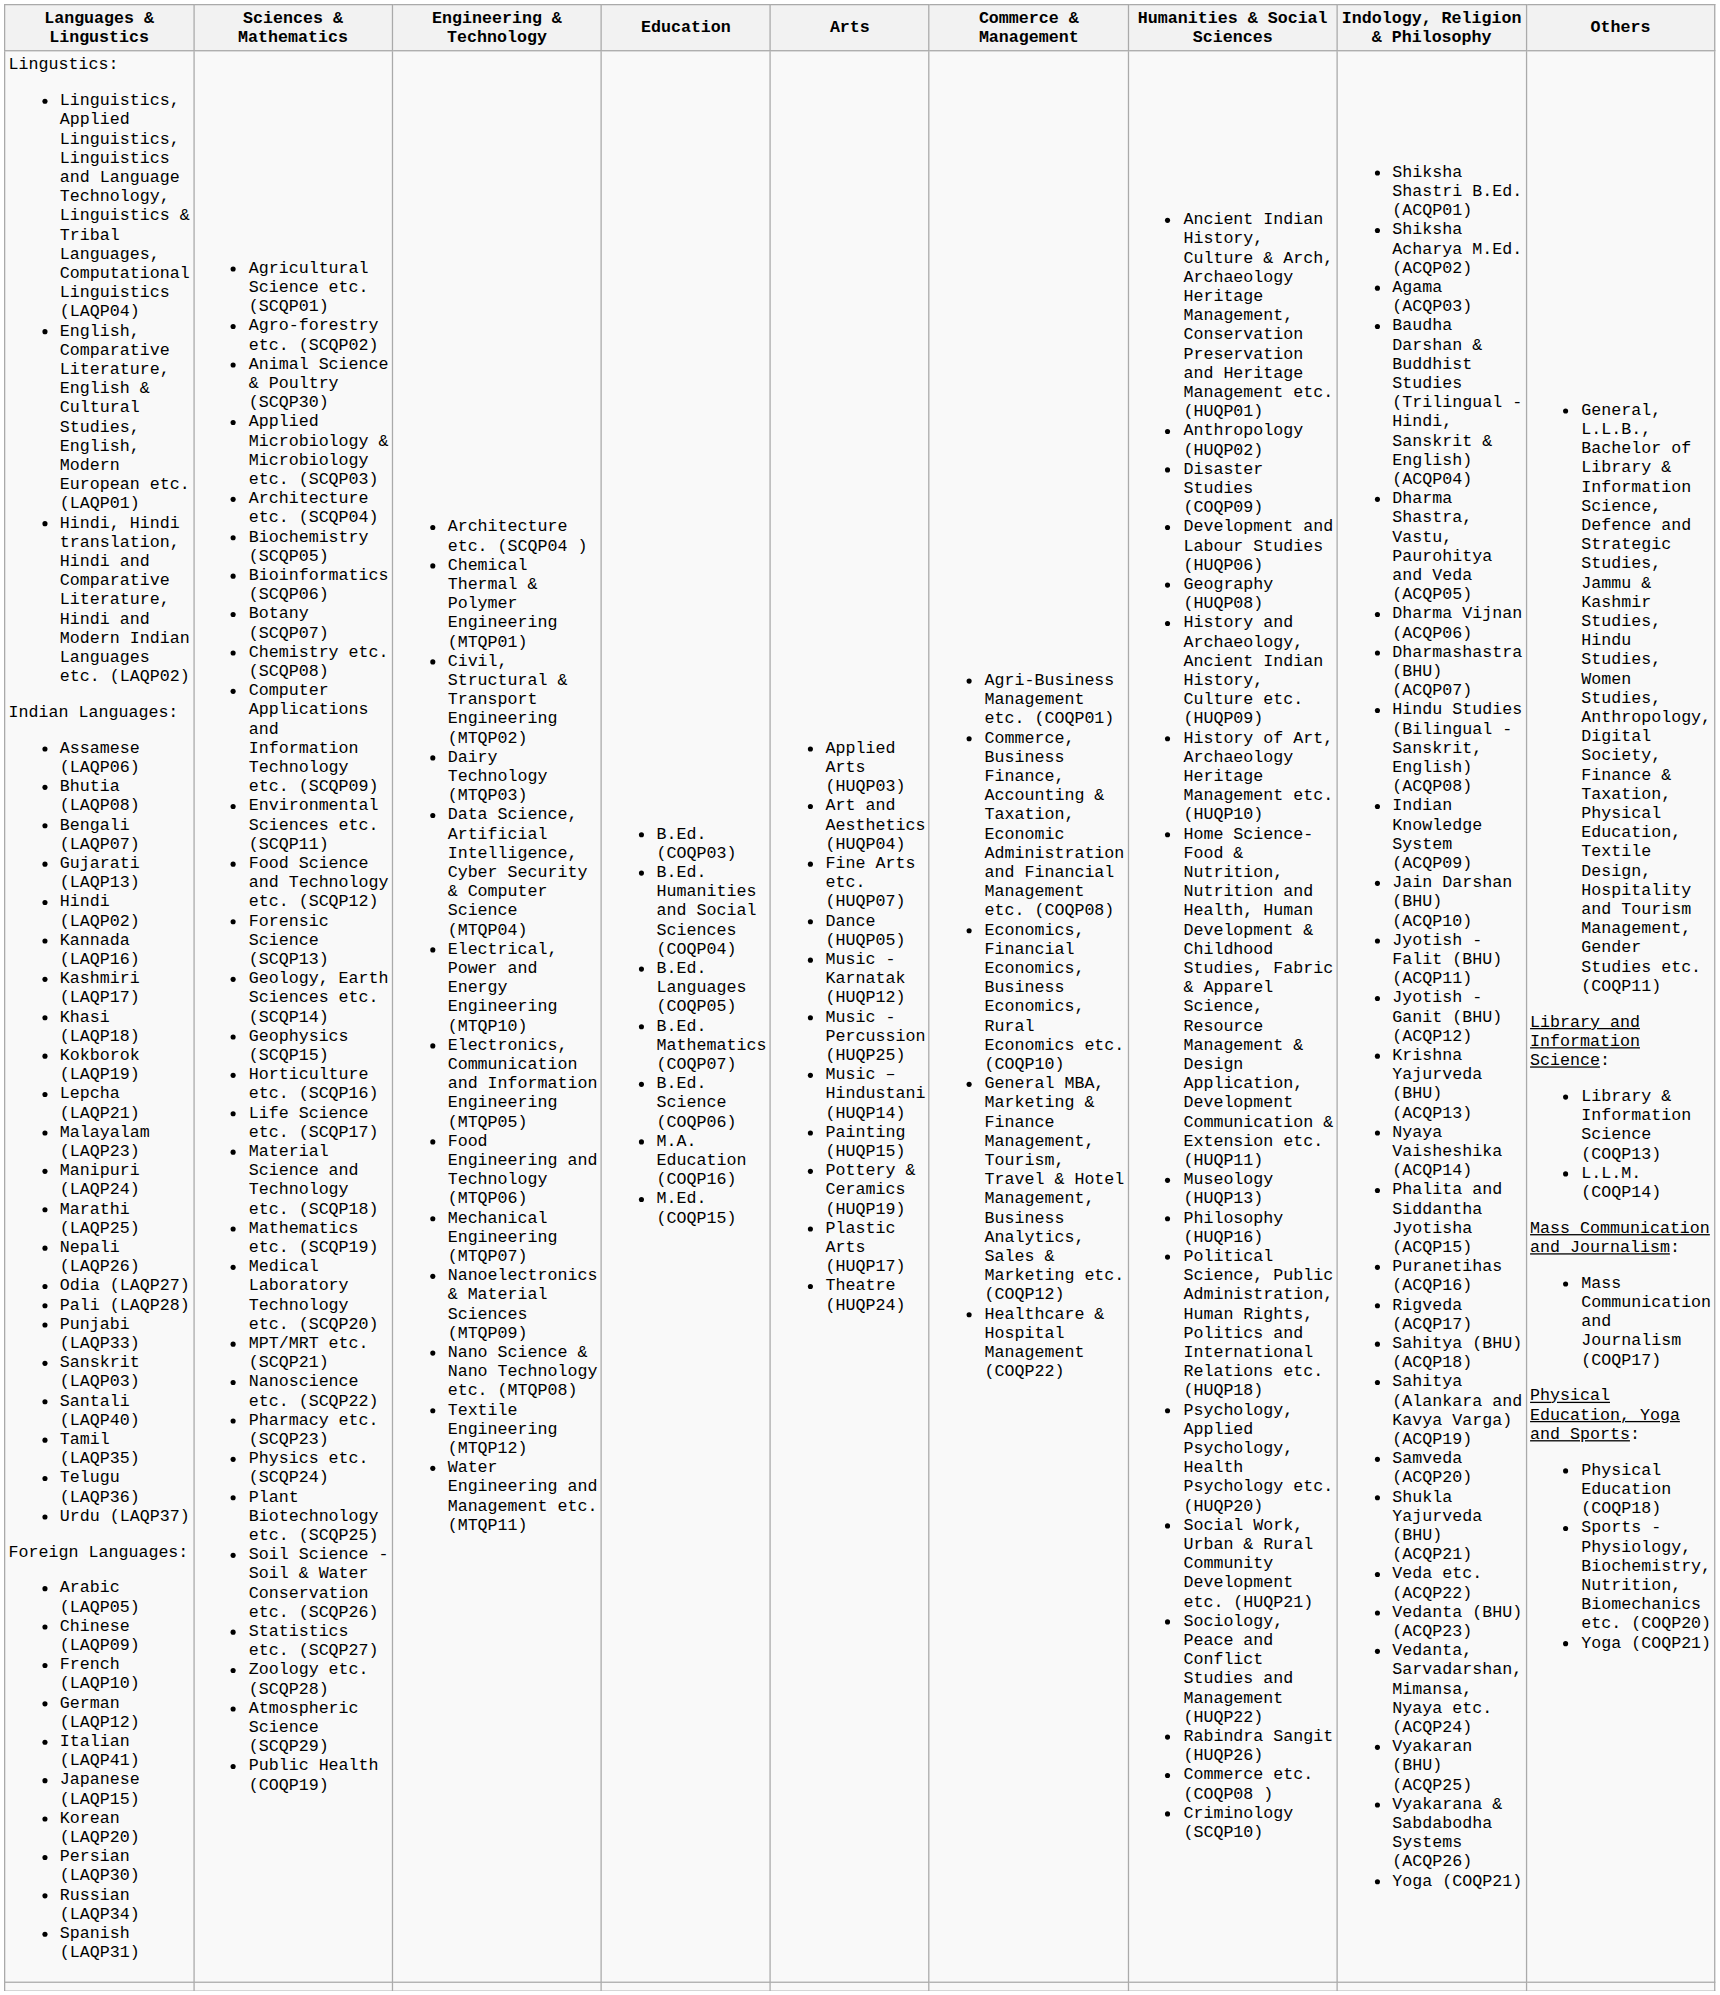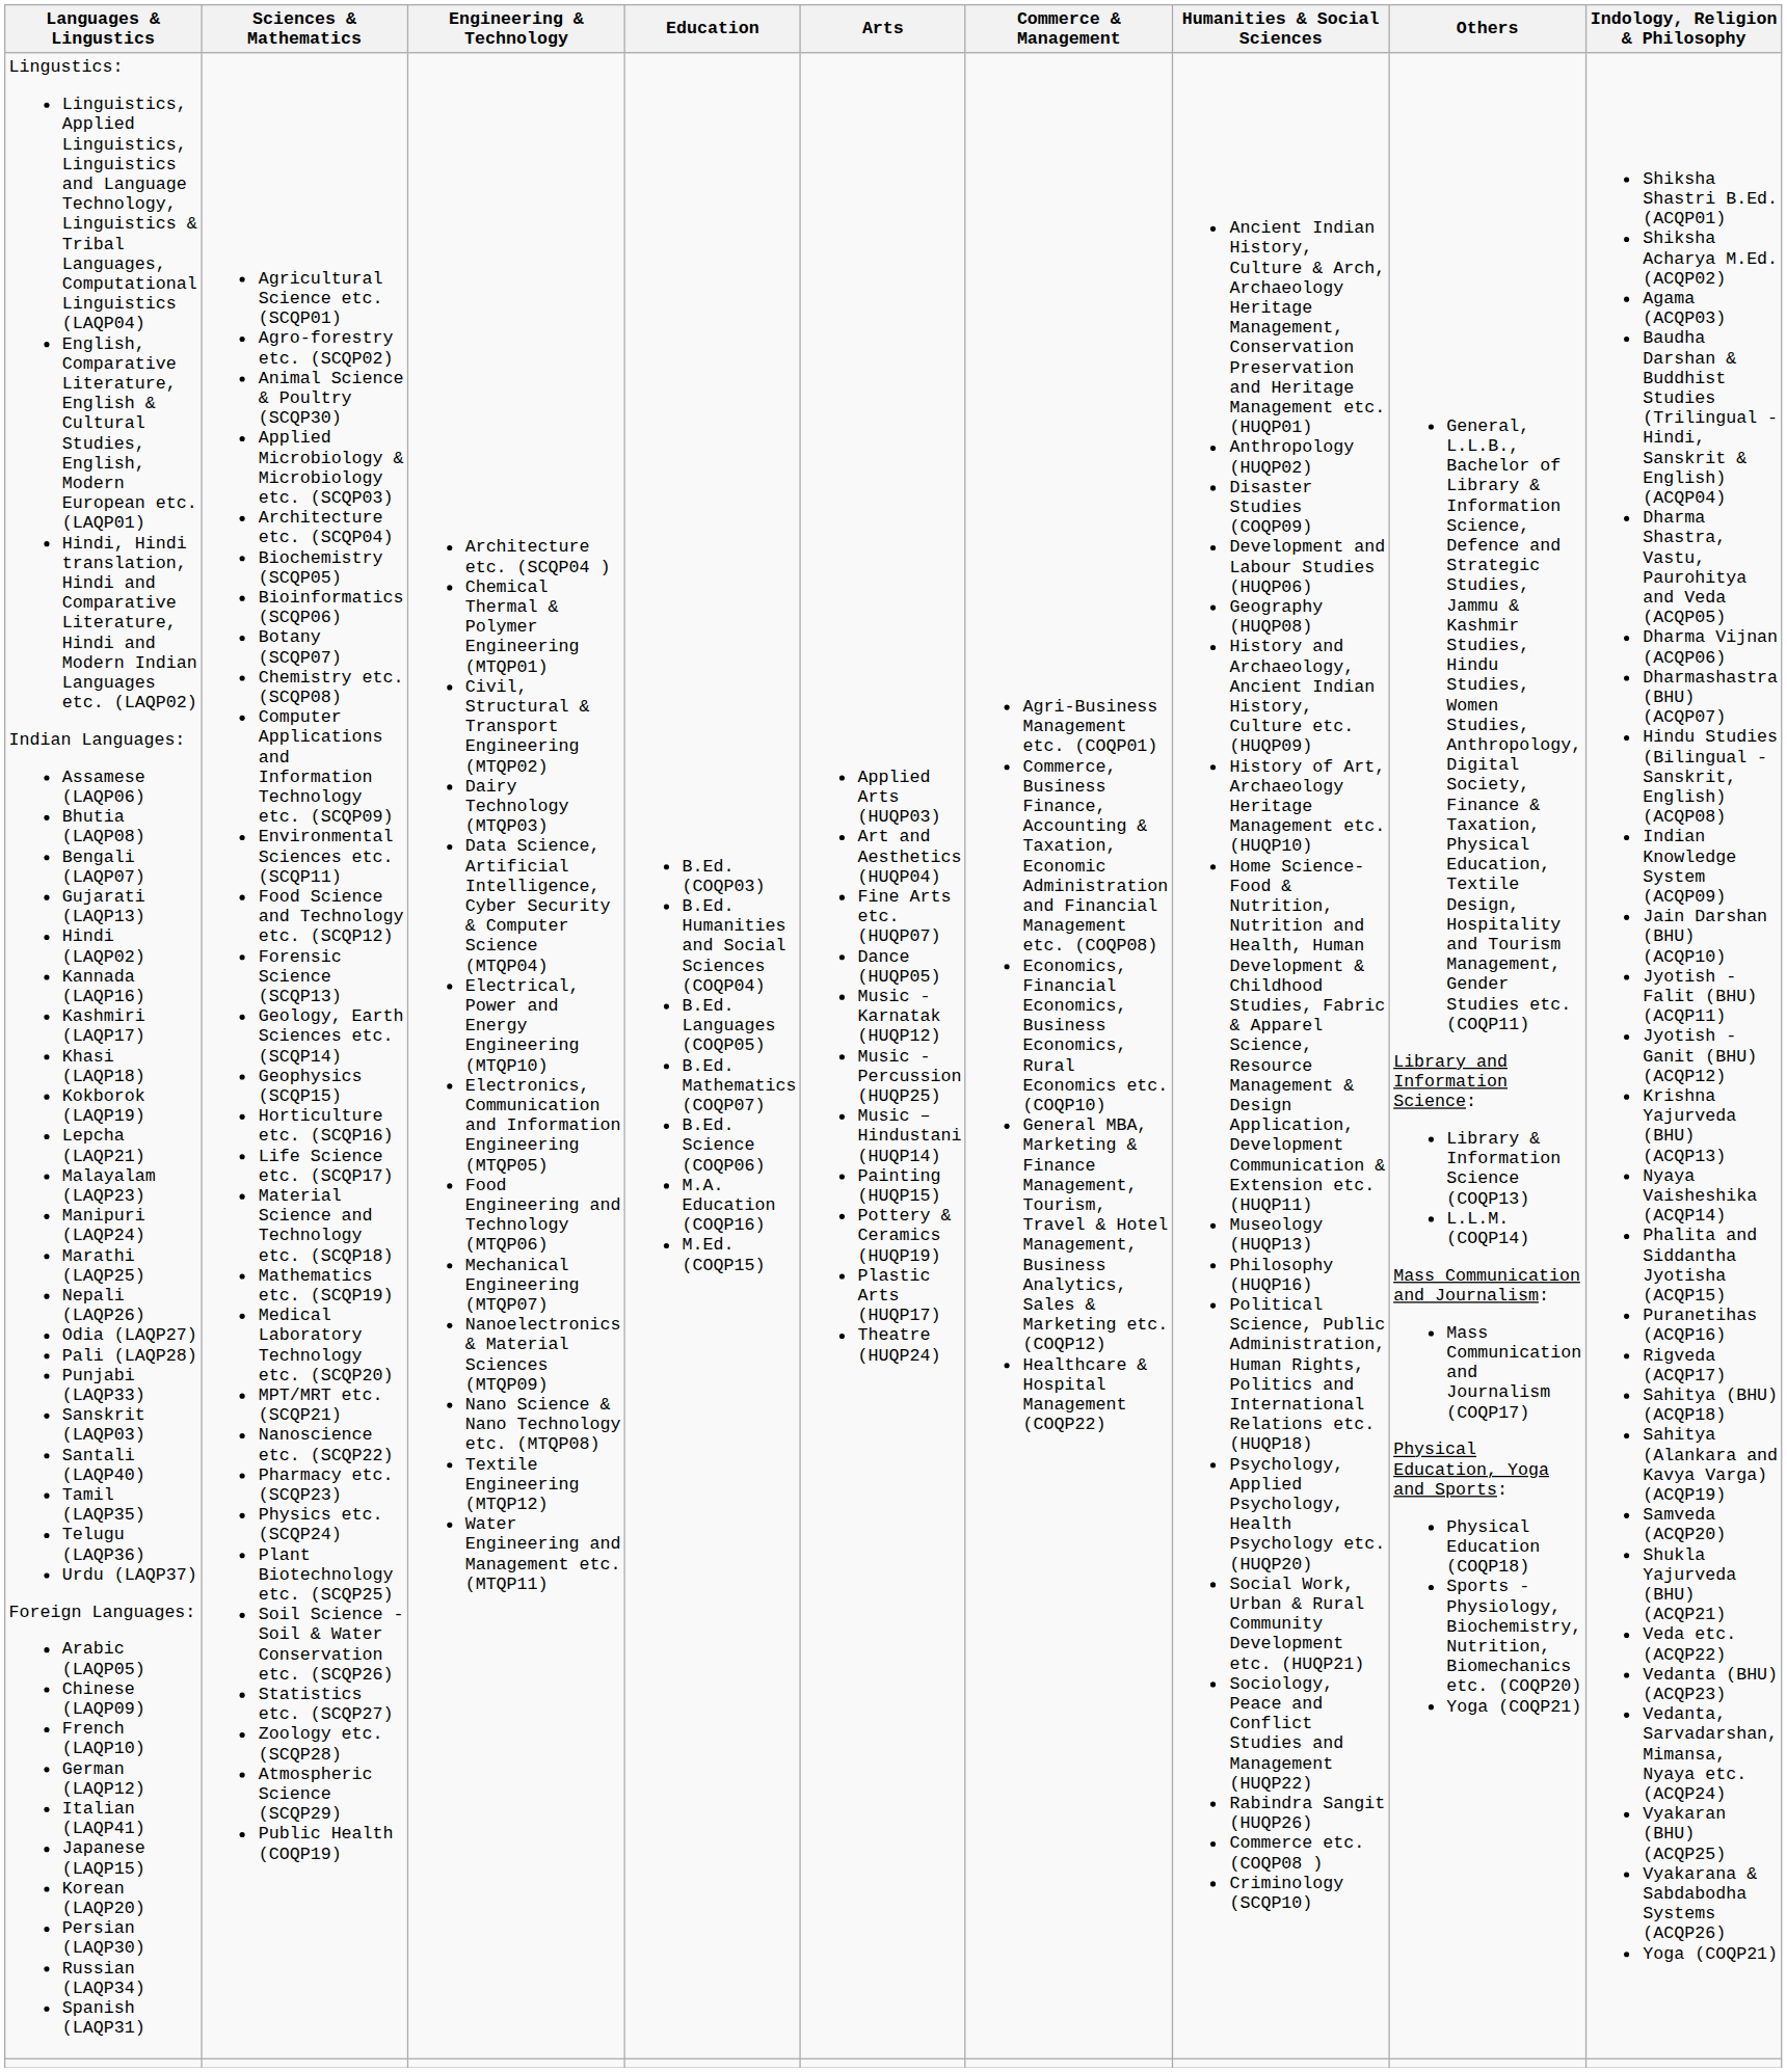 <table class="wikitable mw-collapsible">
 <tr>
 <th>Languages & Lingustics</th>
 <th>Sciences & Mathematics</th>
 <th>Engineering & Technology</th>
 <th>Education</th>
 <th>Arts</th>
 <th>Commerce & Management</th>
 <th>Humanities & Social Sciences</th>
+<th>Others</th>
 <th>Indology, Religion & Philosophy</th>
-<th>Others</th>
 </tr>
 <tr>
 <td>Lingustics:<br><ul><li>Linguistics, Applied Linguistics, Linguistics and Language Technology, Linguistics & Tribal Languages, Computational Linguistics (LAQP04)</li><li>English, Comparative Literature, English & Cultural Studies, English, Modern European etc. (LAQP01)</li><li>Hindi, Hindi translation, Hindi and Comparative Literature, Hindi and Modern Indian Languages etc. (LAQP02)</li></ul>Indian Languages:<ul><li>Assamese (LAQP06)</li><li>Bhutia (LAQP08)</li><li>Bengali (LAQP07)</li><li>Gujarati (LAQP13)</li><li>Hindi (LAQP02)</li><li>Kannada (LAQP16)</li><li>Kashmiri (LAQP17)</li><li>Khasi (LAQP18)</li><li>Kokborok (LAQP19)</li><li>Lepcha (LAQP21)</li><li>Malayalam (LAQP23)</li><li>Manipuri (LAQP24)</li><li>Marathi (LAQP25)</li><li>Nepali (LAQP26)</li><li>Odia (LAQP27)</li><li>Pali (LAQP28)</li><li>Punjabi (LAQP33)</li><li>Sanskrit (LAQP03)</li><li>Santali (LAQP40)</li><li>Tamil (LAQP35)</li><li>Telugu (LAQP36)</li><li>Urdu (LAQP37)</li></ul>Foreign Languages:<ul><li>Arabic (LAQP05)</li><li>Chinese (LAQP09)</li><li>French (LAQP10)</li><li>German (LAQP12)</li><li>Italian (LAQP41)</li><li>Japanese (LAQP15)</li><li>Korean (LAQP20)</li><li>Persian (LAQP30)</li><li>Russian (LAQP34)</li><li>Spanish (LAQP31)</li></ul></td>
 <td><br><ul><li>Agricultural Science etc. (SCQP01)</li><li>Agro-forestry etc. (SCQP02)</li><li>Animal Science & Poultry (SCQP30)</li><li>Applied Microbiology & Microbiology etc. (SCQP03)</li><li>Architecture etc. (SCQP04)</li><li>Biochemistry (SCQP05)</li><li>Bioinformatics (SCQP06)</li><li>Botany (SCQP07)</li><li>Chemistry etc. (SCQP08)</li><li>Computer Applications and Information Technology etc. (SCQP09)</li><li>Environmental Sciences etc. (SCQP11)</li><li>Food Science and Technology etc. (SCQP12)</li><li>Forensic Science (SCQP13)</li><li>Geology, Earth Sciences etc. (SCQP14)</li><li>Geophysics (SCQP15)</li><li>Horticulture etc. (SCQP16)</li><li>Life Science etc. (SCQP17)</li><li>Material Science and Technology etc. (SCQP18)</li><li>Mathematics etc. (SCQP19)</li><li>Medical Laboratory Technology etc. (SCQP20)</li><li>MPT/MRT etc. (SCQP21)</li><li>Nanoscience etc. (SCQP22)</li><li>Pharmacy etc. (SCQP23)</li><li>Physics etc. (SCQP24)</li><li>Plant Biotechnology etc. (SCQP25)</li><li>Soil Science - Soil & Water Conservation etc. (SCQP26)</li><li>Statistics etc. (SCQP27)</li><li>Zoology etc. (SCQP28)</li><li>Atmospheric Science (SCQP29)</li><li>Public Health (COQP19)</li></ul></td>
 <td><br><ul><li>Architecture etc. (SCQP04 )</li><li>Chemical Thermal & Polymer Engineering (MTQP01)</li><li>Civil, Structural & Transport Engineering (MTQP02)</li><li>Dairy Technology (MTQP03)</li><li>Data Science, Artificial Intelligence, Cyber Security & Computer Science (MTQP04)</li><li>Electrical, Power and Energy Engineering (MTQP10)</li><li>Electronics, Communication and Information Engineering (MTQP05)</li><li>Food Engineering and Technology (MTQP06)</li><li>Mechanical Engineering (MTQP07)</li><li>Nanoelectronics & Material Sciences (MTQP09)</li><li>Nano Science & Nano Technology etc. (MTQP08)</li><li>Textile Engineering (MTQP12)</li><li>Water Engineering and Management etc. (MTQP11)</li></ul></td>
 <td><br><ul><li>B.Ed. (COQP03)</li><li>B.Ed. Humanities and Social Sciences (COQP04)</li><li>B.Ed. Languages (COQP05)</li><li>B.Ed. Mathematics (COQP07)</li><li>B.Ed. Science (COQP06)</li><li>M.A. Education (COQP16)</li><li>M.Ed. (COQP15)</li></ul></td>
 <td><br><ul><li>Applied Arts (HUQP03)</li><li>Art and Aesthetics (HUQP04)</li><li>Fine Arts etc. (HUQP07)</li><li>Dance (HUQP05)</li><li>Music - Karnatak (HUQP12)</li><li>Music - Percussion (HUQP25)</li><li>Music – Hindustani (HUQP14)</li><li>Painting (HUQP15)</li><li>Pottery & Ceramics (HUQP19)</li><li>Plastic Arts (HUQP17)</li><li>Theatre (HUQP24)</li></ul></td>
 <td><br><ul><li>Agri-Business Management etc. (COQP01)</li><li>Commerce, Business Finance, Accounting & Taxation, Economic Administration and Financial Management etc. (COQP08)</li><li>Economics, Financial Economics, Business Economics, Rural Economics etc. (COQP10)</li><li>General MBA, Marketing & Finance Management, Tourism, Travel & Hotel Management, Business Analytics, Sales & Marketing etc. (COQP12)</li><li>Healthcare & Hospital Management (COQP22)</li></ul></td>
 <td><br><ul><li>Ancient Indian History, Culture & Arch, Archaeology Heritage Management, Conservation Preservation and Heritage Management etc. (HUQP01)</li><li>Anthropology (HUQP02)</li><li>Disaster Studies (COQP09)</li><li>Development and Labour Studies (HUQP06)</li><li>Geography (HUQP08)</li><li>History and Archaeology, Ancient Indian History, Culture etc. (HUQP09)</li><li>History of Art, Archaeology Heritage Management etc. (HUQP10)</li><li>Home Science-Food & Nutrition, Nutrition and Health, Human Development & Childhood Studies, Fabric & Apparel Science, Resource Management & Design Application, Development Communication & Extension etc. (HUQP11)</li><li>Museology (HUQP13)</li><li>Philosophy (HUQP16)</li><li>Political Science, Public Administration, Human Rights, Politics and International Relations etc. (HUQP18)</li><li>Psychology, Applied Psychology, Health Psychology etc. (HUQP20)</li><li>Social Work, Urban & Rural Community Development etc. (HUQP21)</li><li>Sociology, Peace and Conflict Studies and Management (HUQP22)</li><li>Rabindra Sangit (HUQP26)</li><li>Commerce etc. (COQP08 )</li><li>Criminology (SCQP10)</li></ul></td>
+<td><br><ul><li>General, L.L.B., Bachelor of Library & Information Science, Defence and Strategic Studies, Jammu & Kashmir Studies, Hindu Studies, Women Studies, Anthropology, Digital Society, Finance & Taxation, Physical Education, Textile Design, Hospitality and Tourism Management, Gender Studies etc. (COQP11)</li></ul><u>Library and Information Science</u>:<ul><li>Library & Information Science (COQP13)</li><li>L.L.M. (COQP14)</li></ul><u>Mass Communication and Journalism</u>:<ul><li>Mass Communication and Journalism (COQP17)</li></ul><u>Physical Education, Yoga and Sports</u>:<ul><li>Physical Education (COQP18)</li><li>Sports - Physiology, Biochemistry, Nutrition, Biomechanics etc. (COQP20)</li><li>Yoga (COQP21)</li></ul></td>
 <td><br><ul><li>Shiksha Shastri B.Ed. (ACQP01)</li><li>Shiksha Acharya M.Ed. (ACQP02)</li><li>Agama (ACQP03)</li><li>Baudha Darshan & Buddhist Studies (Trilingual - Hindi, Sanskrit & English) (ACQP04)</li><li>Dharma Shastra, Vastu, Paurohitya and Veda (ACQP05)</li><li>Dharma Vijnan (ACQP06)</li><li>Dharmashastra (BHU) (ACQP07)</li><li>Hindu Studies (Bilingual - Sanskrit, English) (ACQP08)</li><li>Indian Knowledge System (ACQP09)</li><li>Jain Darshan (BHU) (ACQP10)</li><li>Jyotish - Falit (BHU) (ACQP11)</li><li>Jyotish - Ganit (BHU) (ACQP12)</li><li>Krishna Yajurveda (BHU) (ACQP13)</li><li>Nyaya Vaisheshika (ACQP14)</li><li>Phalita and Siddantha Jyotisha (ACQP15)</li><li>Puranetihas (ACQP16)</li><li>Rigveda (ACQP17)</li><li>Sahitya (BHU) (ACQP18)</li><li>Sahitya (Alankara and Kavya Varga) (ACQP19)</li><li>Samveda (ACQP20)</li><li>Shukla Yajurveda (BHU) (ACQP21)</li><li>Veda etc. (ACQP22)</li><li>Vedanta (BHU) (ACQP23)</li><li>Vedanta, Sarvadarshan, Mimansa, Nyaya etc. (ACQP24)</li><li>Vyakaran (BHU) (ACQP25)</li><li>Vyakarana & Sabdabodha Systems (ACQP26)</li><li>Yoga (COQP21)</li></ul></td>
-<td><br><ul><li>General, L.L.B., Bachelor of Library & Information Science, Defence and Strategic Studies, Jammu & Kashmir Studies, Hindu Studies, Women Studies, Anthropology, Digital Society, Finance & Taxation, Physical Education, Textile Design, Hospitality and Tourism Management, Gender Studies etc. (COQP11)</li></ul><u>Library and Information Science</u>:<ul><li>Library & Information Science (COQP13)</li><li>L.L.M. (COQP14)</li></ul><u>Mass Communication and Journalism</u>:<ul><li>Mass Communication and Journalism (COQP17)</li></ul><u>Physical Education, Yoga and Sports</u>:<ul><li>Physical Education (COQP18)</li><li>Sports - Physiology, Biochemistry, Nutrition, Biomechanics etc. (COQP20)</li><li>Yoga (COQP21)</li></ul></td>
 </tr>
 <tr>
 <td></td>
 <td></td>
 <td></td>
 <td></td>
 <td></td>
 <td></td>
 <td></td>
 <td></td>
 <td></td>
 </tr>
 </table>
